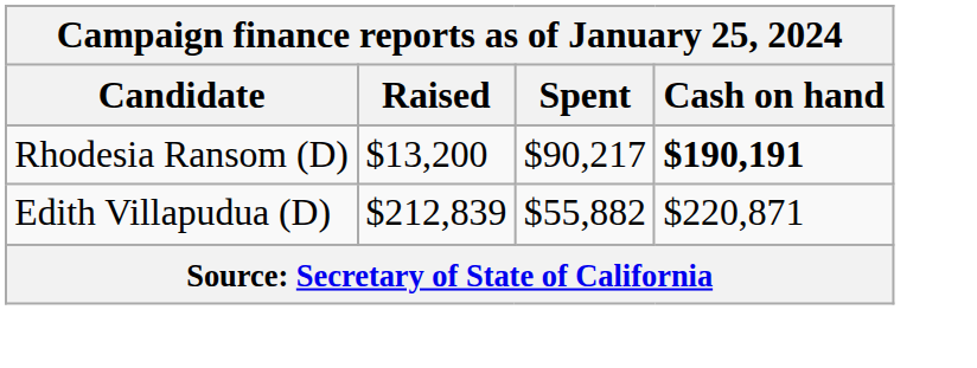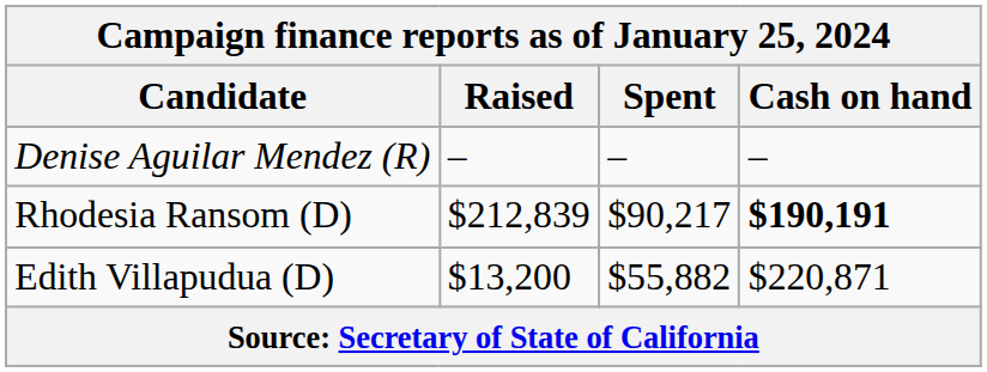 <table class="wikitable sortable">
 <tr>
 <th colspan=4>Campaign finance reports as of January 25, 2024</th>
 </tr>
 <tr style="text-align:center;">
 <th>Candidate</th>
 <th>Raised</th>
 <th>Spent</th>
 <th>Cash on hand</th>
 </tr>
 <tr>
+<td style="background-color:"><em>Denise Aguilar Mendez (R)</em></td>
+<td>–</td>
+<td>–</td>
+<td>–</td>
+</tr>
+<tr>
 <td style="color:black;background-color:">Rhodesia Ransom (D)</td>
-<td>$13,200</td>
+<td>$212,839</td>
 <td>$90,217</td>
 <td><strong>$190,191</strong></td>
 </tr>
 <tr>
 <td style="color:black;background-color:">Edith Villapudua (D)</td>
-<td>$212,839</td>
+<td>$13,200</td>
 <td>$55,882</td>
 <td>$220,871</td>
 </tr>
 <tr>
 <th colspan="4"><small>Source: <a href='#'>Secretary of State of California</a></small></th>
 </tr>
 </table>
